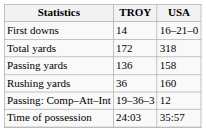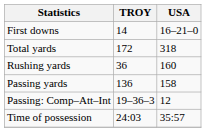 <table class="wikitable" style="float: left;">
 <tr>
 <th>Statistics</th>
 <th>TROY</th>
 <th>USA</th>
 </tr>
 <tr>
 <td>First downs</td>
 <td>14</td>
 <td>16–21–0</td>
 </tr>
 <tr>
 <td>Total yards</td>
 <td>172</td>
 <td>318</td>
 </tr>
 <tr>
+<td>Rushing yards</td>
+<td>36</td>
+<td>160</td>
+</tr>
+<tr>
 <td>Passing yards</td>
 <td>136</td>
 <td>158</td>
-</tr>
-<tr>
-<td>Rushing yards</td>
-<td>36</td>
-<td>160</td>
 </tr>
 <tr>
 <td>Passing: Comp–Att–Int</td>
 <td>19–36–3</td>
 <td>12</td>
 </tr>
 <tr>
 <td>Time of possession</td>
 <td>24:03</td>
 <td>35:57</td>
 </tr>
 <tr>
 </tr>
 </table>
